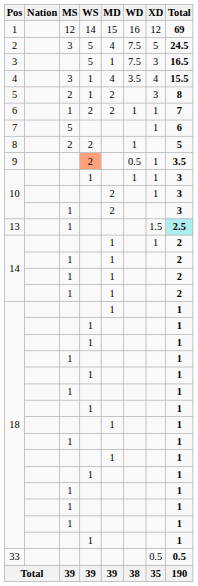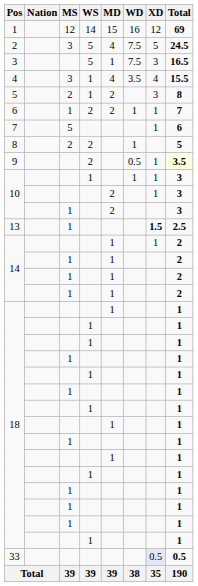 <table class="wikitable"style="text-align:center">
 <tr>
 <th>Pos</th>
 <th>Nation</th>
 <th>MS</th>
 <th>WS</th>
 <th>MD</th>
 <th>WD</th>
 <th>XD</th>
 <th>Total</th>
 </tr>
 <tr>
 <td>1</td>
 <td align="left"><strong></strong></td>
 <td>12</td>
 <td>14</td>
 <td>15</td>
 <td>16</td>
 <td>12</td>
 <td><strong>69</strong></td>
 </tr>
 <tr>
 <td>2</td>
 <td align="left"></td>
 <td>3</td>
 <td>5</td>
 <td>4</td>
 <td>7.5</td>
 <td>5</td>
 <td><strong>24.5</strong></td>
 </tr>
 <tr>
 <td>3</td>
 <td align="left"></td>
 <td></td>
 <td>5</td>
 <td>1</td>
 <td>7.5</td>
 <td>3</td>
 <td><strong>16.5</strong></td>
 </tr>
 <tr>
 <td>4</td>
 <td align="left"></td>
 <td>3</td>
 <td>1</td>
 <td>4</td>
 <td>3.5</td>
 <td>4</td>
 <td><strong>15.5</strong></td>
 </tr>
 <tr>
 <td>5</td>
 <td align="left"></td>
 <td>2</td>
 <td>1</td>
 <td>2</td>
 <td></td>
 <td>3</td>
 <td><strong>8</strong></td>
 </tr>
 <tr>
 <td>6</td>
 <td align="left"></td>
 <td>1</td>
 <td>2</td>
 <td>2</td>
 <td>1</td>
 <td>1</td>
 <td><strong>7</strong></td>
 </tr>
 <tr>
 <td>7</td>
 <td align="left"></td>
 <td>5</td>
 <td></td>
 <td></td>
 <td></td>
 <td>1</td>
 <td><strong>6</strong></td>
 </tr>
 <tr>
 <td>8</td>
 <td align="left"></td>
 <td>2</td>
 <td>2</td>
 <td></td>
 <td>1</td>
 <td></td>
 <td><strong>5</strong></td>
 </tr>
 <tr>
 <td>9</td>
 <td align="left"></td>
 <td></td>
-<td style="background: lightsalmon;">2</td>
+<td>2</td>
 <td></td>
 <td>0.5</td>
 <td>1</td>
-<td><strong>3.5</strong></td>
+<td style="background: lightyellow;"><strong>3.5</strong></td>
 </tr>
 <tr>
 <td rowspan="3">10</td>
 <td align="left"></td>
 <td></td>
 <td>1</td>
 <td></td>
 <td>1</td>
 <td>1</td>
 <td><strong>3</strong></td>
 </tr>
 <tr>
 <td align="left"></td>
 <td></td>
 <td></td>
 <td>2</td>
 <td></td>
 <td>1</td>
 <td><strong>3</strong></td>
 </tr>
 <tr>
 <td align="left"></td>
 <td>1</td>
 <td></td>
 <td>2</td>
 <td></td>
 <td></td>
 <td><strong>3</strong></td>
 </tr>
 <tr>
 <td>13</td>
 <td align="left"></td>
 <td>1</td>
 <td></td>
 <td></td>
 <td></td>
-<td>1.5</td>
-<td style="background: paleturquoise;"><strong>2.5</strong></td>
+<td><strong>1.5</strong></td>
+<td><strong>2.5</strong></td>
 </tr>
 <tr>
 <td rowspan="4">14</td>
 <td align="left"></td>
 <td></td>
 <td></td>
 <td>1</td>
 <td></td>
 <td>1</td>
 <td><strong>2</strong></td>
 </tr>
 <tr>
 <td align="left"></td>
 <td>1</td>
 <td></td>
 <td>1</td>
 <td></td>
 <td></td>
 <td><strong>2</strong></td>
 </tr>
 <tr>
 <td align="left"></td>
 <td>1</td>
 <td></td>
 <td>1</td>
 <td></td>
 <td></td>
 <td><strong>2</strong></td>
 </tr>
 <tr>
 <td align="left"></td>
 <td>1</td>
 <td></td>
 <td>1</td>
 <td></td>
 <td></td>
 <td><strong>2</strong></td>
 </tr>
 <tr>
 <td rowspan="15">18</td>
 <td align="left"></td>
 <td></td>
 <td></td>
 <td>1</td>
 <td></td>
 <td></td>
 <td><strong>1</strong></td>
 </tr>
 <tr>
 <td align="left"></td>
 <td></td>
 <td>1</td>
 <td></td>
 <td></td>
 <td></td>
 <td><strong>1</strong></td>
 </tr>
 <tr>
 <td align="left"></td>
 <td></td>
 <td>1</td>
 <td></td>
 <td></td>
 <td></td>
 <td><strong>1</strong></td>
 </tr>
 <tr>
 <td align="left"></td>
 <td>1</td>
 <td></td>
 <td></td>
 <td></td>
 <td></td>
 <td><strong>1</strong></td>
 </tr>
 <tr>
 <td align="left"></td>
 <td></td>
 <td>1</td>
 <td></td>
 <td></td>
 <td></td>
 <td><strong>1</strong></td>
 </tr>
 <tr>
 <td align="left"></td>
 <td>1</td>
 <td></td>
 <td></td>
 <td></td>
 <td></td>
 <td><strong>1</strong></td>
 </tr>
 <tr>
 <td align="left"></td>
 <td></td>
 <td>1</td>
 <td></td>
 <td></td>
 <td></td>
 <td><strong>1</strong></td>
 </tr>
 <tr>
 <td align="left"></td>
 <td></td>
 <td></td>
 <td>1</td>
 <td></td>
 <td></td>
 <td><strong>1</strong></td>
 </tr>
 <tr>
 <td align="left"></td>
 <td>1</td>
 <td></td>
 <td></td>
 <td></td>
 <td></td>
 <td><strong>1</strong></td>
 </tr>
 <tr>
 <td align="left"></td>
 <td></td>
 <td></td>
 <td>1</td>
 <td></td>
 <td></td>
 <td><strong>1</strong></td>
 </tr>
 <tr>
 <td align="left"></td>
 <td></td>
 <td>1</td>
 <td></td>
 <td></td>
 <td></td>
 <td><strong>1</strong></td>
 </tr>
 <tr>
 <td align="left"></td>
 <td>1</td>
 <td></td>
 <td></td>
 <td></td>
 <td></td>
 <td><strong>1</strong></td>
 </tr>
 <tr>
 <td align="left"></td>
 <td>1</td>
 <td></td>
 <td></td>
 <td></td>
 <td></td>
 <td><strong>1</strong></td>
 </tr>
 <tr>
 <td align="left"></td>
 <td>1</td>
 <td></td>
 <td></td>
 <td></td>
 <td></td>
 <td><strong>1</strong></td>
 </tr>
 <tr>
 <td align="left"></td>
 <td></td>
 <td>1</td>
 <td></td>
 <td></td>
 <td></td>
 <td><strong>1</strong></td>
 </tr>
 <tr>
 <td>33</td>
 <td align="left"></td>
 <td></td>
 <td></td>
 <td></td>
 <td></td>
-<td>0.5</td>
+<td style="background: lavender;">0.5</td>
 <td><strong>0.5</strong></td>
 </tr>
 <tr>
 <th colspan="2">Total</th>
 <th>39</th>
 <th>39</th>
 <th>39</th>
 <th>38</th>
 <th>35</th>
 <th>190</th>
 </tr>
 </table>
